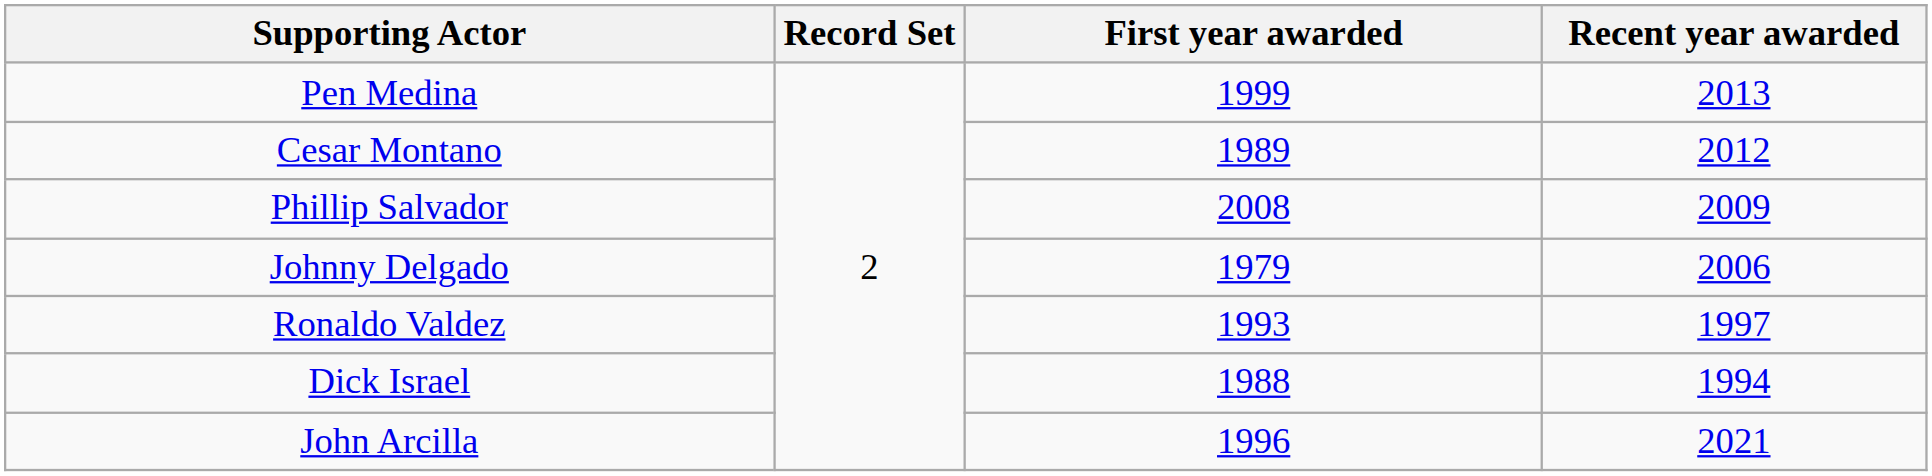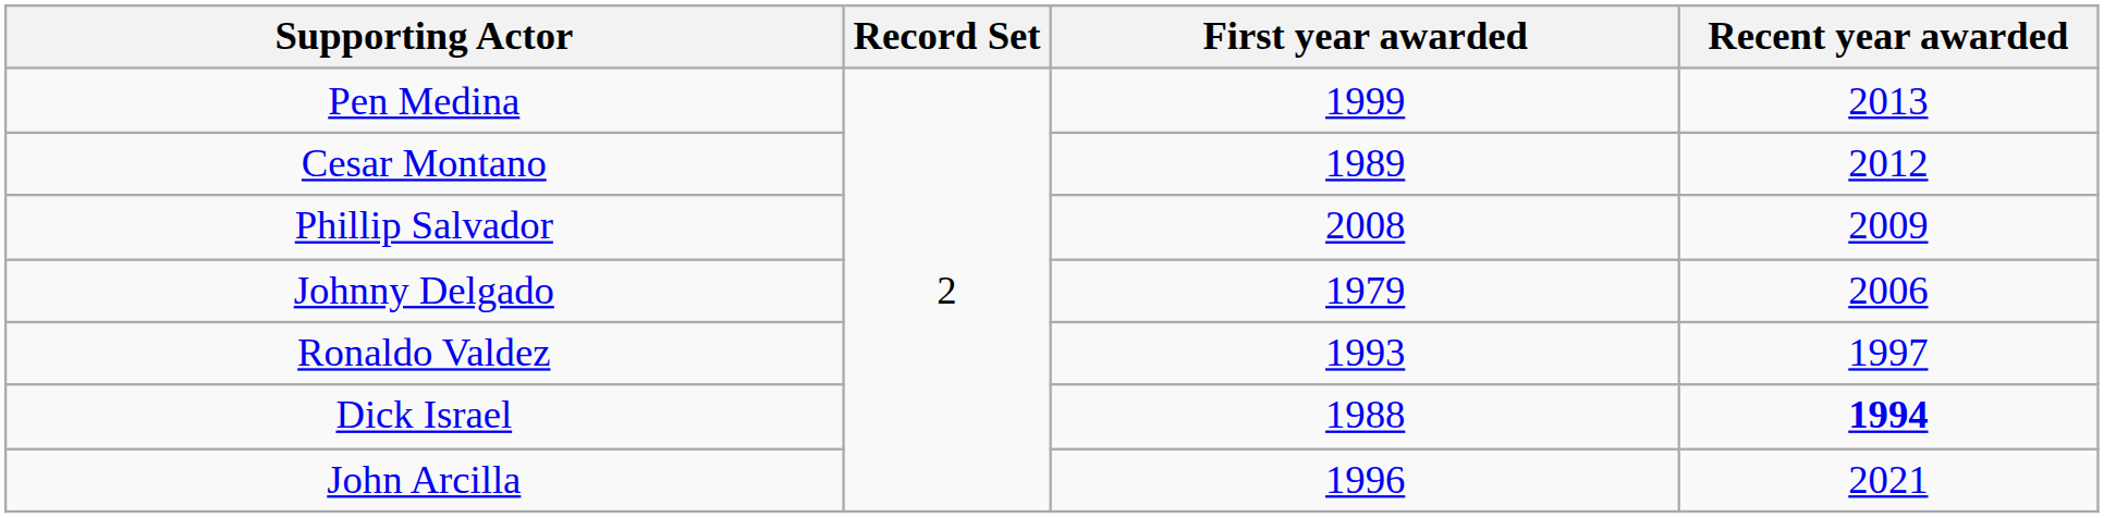 <table class="wikitable" style="width:95%; text-align:center;">
 <tr>
 <th width=40%>Supporting Actor</th>
 <th width=10%>Record Set</th>
 <th style="width:30%;">First year awarded</th>
 <th width=30%>Recent year awarded</th>
 </tr>
 <tr>
 <td><a href='#'>Pen Medina</a></td>
 <td rowspan=7>2</td>
 <td><a href='#'>1999</a></td>
 <td><a href='#'>2013</a></td>
 </tr>
 <tr>
 <td><a href='#'>Cesar Montano</a></td>
 <td><a href='#'>1989</a></td>
 <td><a href='#'>2012</a></td>
 </tr>
 <tr>
 <td><a href='#'>Phillip Salvador</a></td>
 <td><a href='#'>2008</a></td>
 <td><a href='#'>2009</a></td>
 </tr>
 <tr>
 <td><a href='#'>Johnny Delgado</a></td>
 <td><a href='#'>1979</a></td>
 <td><a href='#'>2006</a></td>
 </tr>
 <tr>
 <td><a href='#'>Ronaldo Valdez</a></td>
 <td><a href='#'>1993</a></td>
 <td><a href='#'>1997</a></td>
 </tr>
 <tr>
 <td><a href='#'>Dick Israel</a></td>
 <td><a href='#'>1988</a></td>
-<td><a href='#'>1994</a></td>
+<td><strong><a href='#'>1994</a></strong></td>
 </tr>
 <tr>
 <td><a href='#'>John Arcilla</a></td>
 <td><a href='#'>1996</a></td>
 <td><a href='#'>2021</a></td>
 </tr>
 </table>
